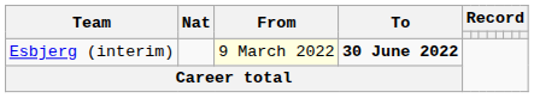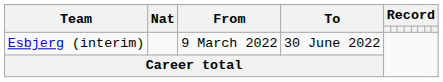 <table class="wikitable" style="text-align: center">
 <tr>
 <th rowspan=2>Team</th>
 <th rowspan=2>Nat</th>
 <th rowspan=2>From</th>
 <th rowspan=2>To</th>
 <th colspan=8>Record</th>
 </tr>
 <tr>
 <th></th>
 <th></th>
 <th></th>
 <th></th>
 <th></th>
 <th></th>
 <th></th>
 <th></th>
 </tr>
 <tr>
 <td><a href='#'>Esbjerg</a> (interim)</td>
 <td></td>
-<td style="background: lightyellow;">9 March 2022</td>
-<td><strong>30 June 2022<br></strong></td>
+<td>9 March 2022</td>
+<td>30 June 2022<br></td>
 </tr>
 <tr>
 <th colspan=4>Career total<br></th>
 </tr>
 </table>
